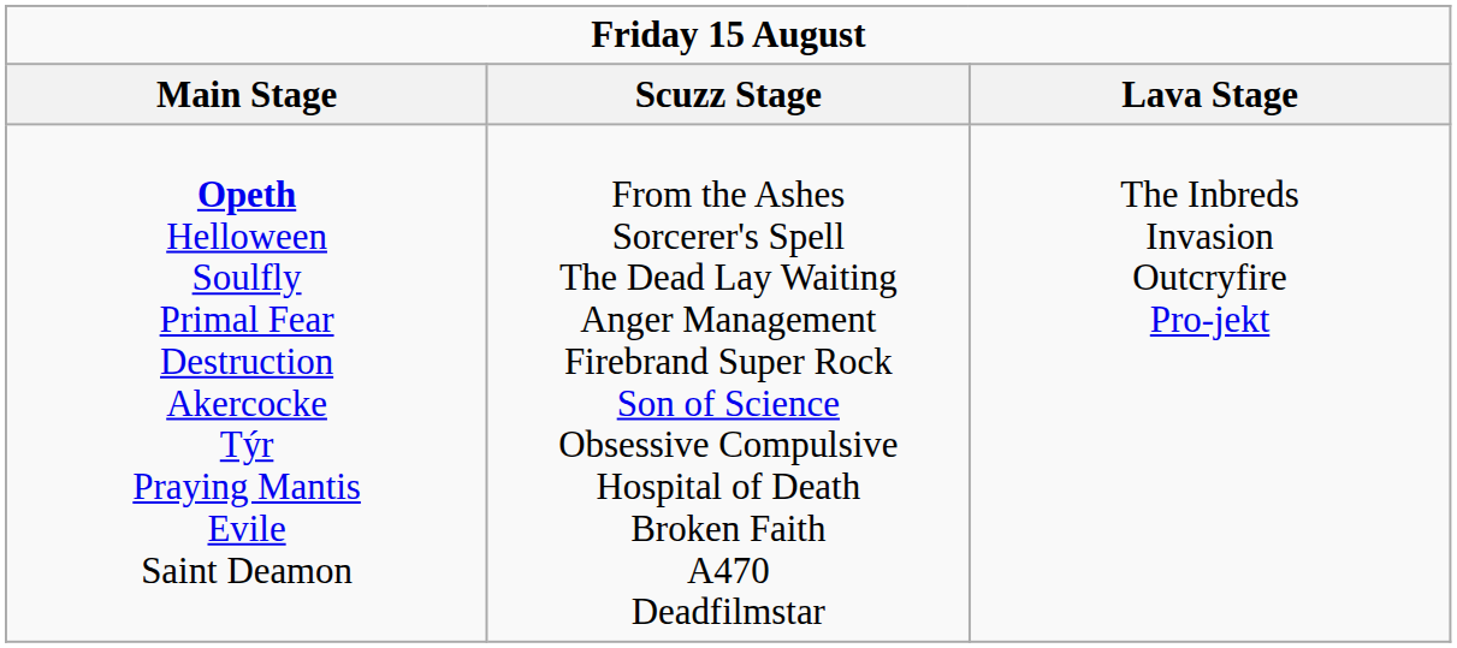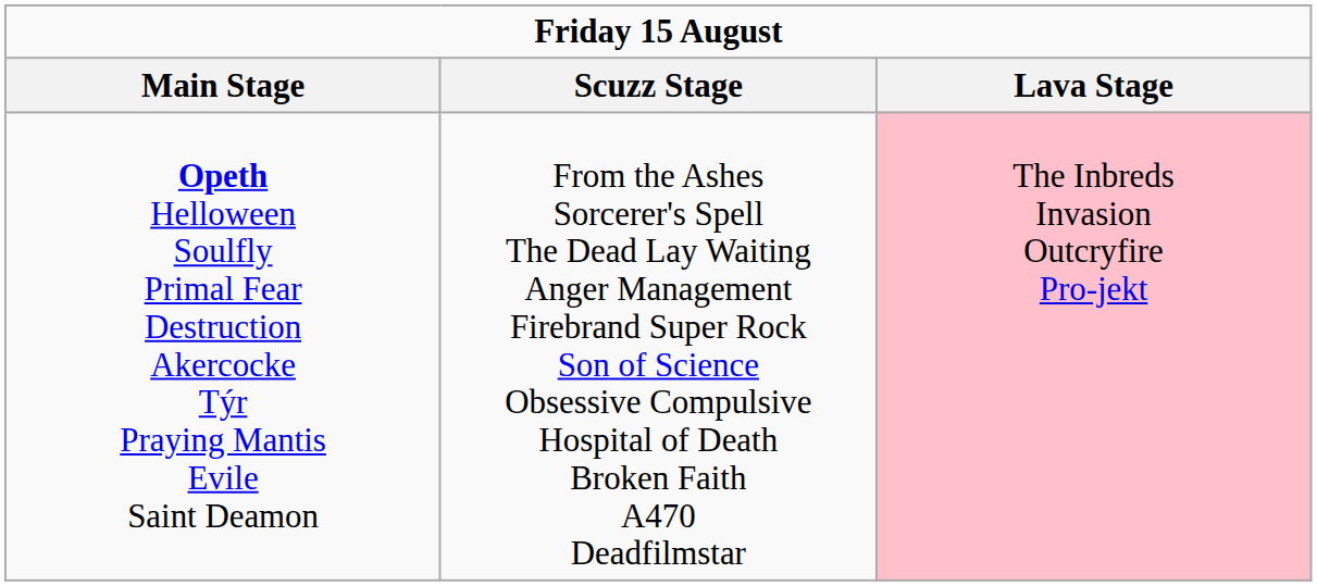 <table class="wikitable">
 <tr>
 <td colspan="3" align="center"><strong>Friday 15 August</strong></td>
 </tr>
 <tr>
 <th>Main Stage</th>
 <th>Scuzz Stage</th>
 <th>Lava Stage</th>
 </tr>
 <tr>
 <td valign="top" align="center" width=200><br><strong><a href='#'>Opeth</a></strong><br> <a href='#'>Helloween</a><br> <a href='#'>Soulfly</a><br> <a href='#'>Primal Fear</a><br> <a href='#'>Destruction</a><br> <a href='#'>Akercocke</a><br> <a href='#'>Týr</a><br> <a href='#'>Praying Mantis</a><br> <a href='#'>Evile</a><br> Saint Deamon<br></td>
 <td valign="top" align="center" width=200><br>From the Ashes<br> Sorcerer's Spell<br> The Dead Lay Waiting<br> Anger Management<br> Firebrand Super Rock<br> <a href='#'>Son of Science</a><br> Obsessive Compulsive<br> Hospital of Death<br> Broken Faith<br> A470<br> Deadfilmstar<br></td>
-<td valign="top" align="center" width=200><br>The Inbreds<br> Invasion<br> Outcryfire<br> <a href='#'>Pro-jekt</a><br></td>
+<td valign="top" align="center" width=200 style="background: pink;"><br>The Inbreds<br> Invasion<br> Outcryfire<br> <a href='#'>Pro-jekt</a><br></td>
 </tr>
 </table>
